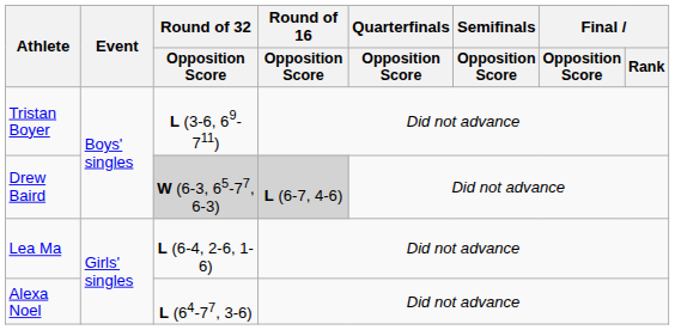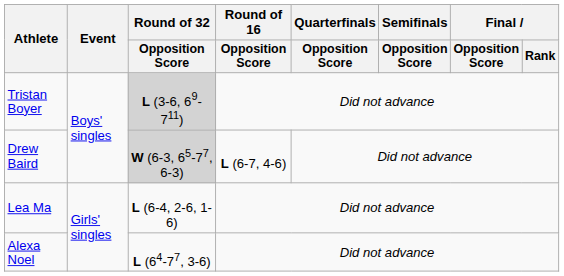 <table class=wikitable style="font-size:90%">
 <tr>
 <th rowspan=2>Athlete</th>
 <th rowspan=2>Event</th>
 <th>Round of 32</th>
 <th>Round of 16</th>
 <th>Quarterfinals</th>
 <th>Semifinals</th>
 <th colspan=2>Final / </th>
 </tr>
 <tr style="font-size:95%">
 <th>Opposition<br>Score</th>
 <th>Opposition<br>Score</th>
 <th>Opposition<br>Score</th>
 <th>Opposition<br>Score</th>
 <th>Opposition<br>Score</th>
 <th>Rank</th>
 </tr>
 <tr align=center>
 <td align=left><a href='#'>Tristan Boyer</a></td>
 <td align=left rowspan=2><a href='#'>Boys' singles</a></td>
-<td><br><strong>L</strong> (3-6, 6<sup>9</sup>-7<sup>11</sup>)</td>
+<td style="background: lightgrey;"><br><strong>L</strong> (3-6, 6<sup>9</sup>-7<sup>11</sup>)</td>
 <td colspan=5><em>Did not advance</em></td>
 </tr>
 <tr align=center>
 <td align=left><a href='#'>Drew Baird</a></td>
 <td style="background: lightgrey;"><br><strong>W</strong> (6-3, 6<sup>5</sup>-7<sup>7</sup>, 6-3)</td>
-<td style="background: lightgrey;"><br><strong>L</strong> (6-7, 4-6)</td>
+<td><br><strong>L</strong> (6-7, 4-6)</td>
 <td colspan=4><em>Did not advance</em></td>
 </tr>
 <tr align=center>
 <td align=left><a href='#'>Lea Ma</a></td>
 <td align=left rowspan=2><a href='#'>Girls' singles</a></td>
 <td><br><strong>L</strong> (6-4, 2-6, 1-6)</td>
 <td colspan=5><em>Did not advance</em></td>
 </tr>
 <tr align=center>
 <td align=left><a href='#'>Alexa Noel</a></td>
 <td><br><strong>L</strong> (6<sup>4</sup>-7<sup>7</sup>, 3-6)</td>
 <td colspan=5><em>Did not advance</em></td>
 </tr>
 </table>
